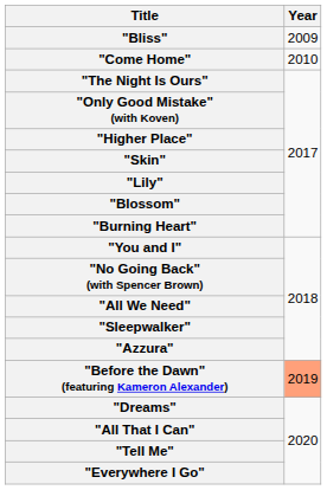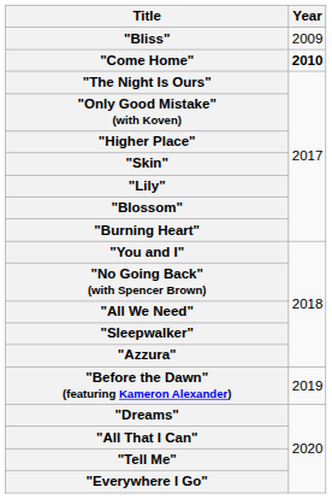 <table class="wikitable plainrowheaders">
 <tr>
 <th scope="col" style="width:20em;">Title</th>
 <th>Year</th>
 </tr>
 <tr>
 <th scope="row">"Bliss"</th>
 <td>2009</td>
 </tr>
 <tr>
 <th scope="row">"Come Home"</th>
-<td>2010</td>
+<td><strong>2010</strong></td>
 </tr>
 <tr>
 <th scope="row">"The Night Is Ours"</th>
 <td rowspan="7">2017</td>
 </tr>
 <tr>
 <th scope="row">"Only Good Mistake" <br><small>(with Koven)</small></th>
 </tr>
 <tr>
 <th scope="row">"Higher Place"</th>
 </tr>
 <tr>
 <th scope="row">"Skin"</th>
 </tr>
 <tr>
 <th scope="row">"Lily"</th>
 </tr>
 <tr>
 <th scope="row">"Blossom"</th>
 </tr>
 <tr>
 <th scope="row">"Burning Heart"</th>
 </tr>
 <tr>
 <th scope="row">"You and I"</th>
 <td rowspan="5">2018</td>
 </tr>
 <tr>
 <th scope="row">"No Going Back" <br><small>(with Spencer Brown)</small></th>
 </tr>
 <tr>
 <th scope="row">"All We Need"</th>
 </tr>
 <tr>
 <th scope="row">"Sleepwalker"</th>
 </tr>
 <tr>
 <th scope="row">"Azzura"</th>
 </tr>
 <tr>
 <th scope="row">"Before the Dawn" <br><small>(featuring <a href='#'>Kameron Alexander</a>)</small></th>
-<td style="background: lightsalmon;">2019</td>
+<td>2019</td>
 </tr>
 <tr>
 <th scope="row">"Dreams"</th>
 <td rowspan="4">2020</td>
 </tr>
 <tr>
 <th scope="row">"All That I Can"</th>
 </tr>
 <tr>
 <th scope="row">"Tell Me"</th>
 </tr>
 <tr>
 <th scope="row">"Everywhere I Go"</th>
 </tr>
 </table>
